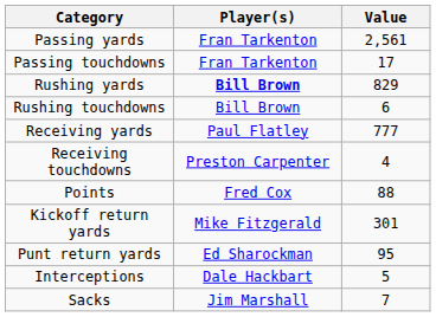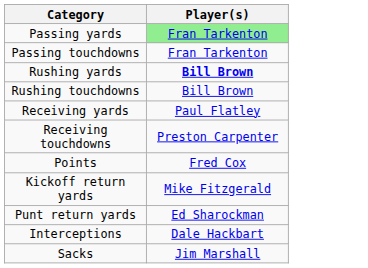 <table class="wikitable" style="text-align:center">
 <tr>
 <th width=150px>Category</th>
 <th width=150px>Player(s)</th>
-<th width=75px>Value</th>
 </tr>
 <tr>
 <td>Passing yards</td>
-<td><a href='#'>Fran Tarkenton</a></td>
-<td>2,561</td>
+<td style="background: lightgreen;"><a href='#'>Fran Tarkenton</a></td>
 </tr>
 <tr>
 <td>Passing touchdowns</td>
 <td><a href='#'>Fran Tarkenton</a></td>
-<td>17</td>
 </tr>
 <tr>
 <td>Rushing yards</td>
 <td><strong><a href='#'>Bill Brown</a></strong></td>
-<td>829</td>
 </tr>
 <tr>
 <td>Rushing touchdowns</td>
 <td><a href='#'>Bill Brown</a></td>
-<td>6</td>
 </tr>
 <tr>
 <td>Receiving yards</td>
 <td><a href='#'>Paul Flatley</a></td>
-<td>777</td>
 </tr>
 <tr>
 <td>Receiving touchdowns</td>
 <td><a href='#'>Preston Carpenter</a></td>
-<td>4</td>
 </tr>
 <tr>
 <td>Points</td>
 <td><a href='#'>Fred Cox</a></td>
-<td>88</td>
 </tr>
 <tr>
 <td>Kickoff return yards</td>
 <td><a href='#'>Mike Fitzgerald</a></td>
-<td>301</td>
 </tr>
 <tr>
 <td>Punt return yards</td>
 <td><a href='#'>Ed Sharockman</a></td>
-<td>95</td>
 </tr>
 <tr>
 <td>Interceptions</td>
 <td><a href='#'>Dale Hackbart</a></td>
-<td>5</td>
 </tr>
 <tr>
 <td>Sacks</td>
 <td><a href='#'>Jim Marshall</a></td>
-<td>7</td>
 </tr>
 </table>
